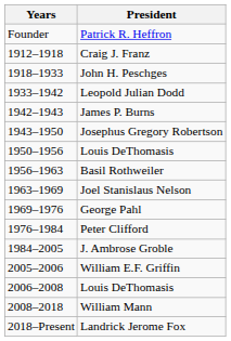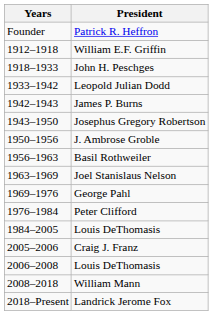 <table class="wikitable">
 <tr>
 <th>Years</th>
 <th>President</th>
 </tr>
 <tr>
 <td>Founder</td>
 <td><a href='#'>Patrick R. Heffron</a></td>
 </tr>
 <tr>
 <td>1912–1918</td>
-<td>Craig J. Franz</td>
+<td>William E.F. Griffin</td>
 </tr>
 <tr>
 <td>1918–1933</td>
 <td>John H. Peschges</td>
 </tr>
 <tr>
 <td>1933–1942</td>
 <td>Leopold Julian Dodd</td>
 </tr>
 <tr>
 <td>1942–1943</td>
 <td>James P. Burns</td>
 </tr>
 <tr>
 <td>1943–1950</td>
 <td>Josephus Gregory Robertson</td>
 </tr>
 <tr>
 <td>1950–1956</td>
-<td>Louis DeThomasis</td>
+<td>J. Ambrose Groble</td>
 </tr>
 <tr>
 <td>1956–1963</td>
 <td>Basil Rothweiler</td>
 </tr>
 <tr>
 <td>1963–1969</td>
 <td>Joel Stanislaus Nelson</td>
 </tr>
 <tr>
 <td>1969–1976</td>
 <td>George Pahl</td>
 </tr>
 <tr>
 <td>1976–1984</td>
 <td>Peter Clifford</td>
 </tr>
 <tr>
 <td>1984–2005</td>
-<td>J. Ambrose Groble</td>
+<td>Louis DeThomasis</td>
 </tr>
 <tr>
 <td>2005–2006</td>
-<td>William E.F. Griffin</td>
+<td>Craig J. Franz</td>
 </tr>
 <tr>
 <td>2006–2008</td>
 <td>Louis DeThomasis</td>
 </tr>
 <tr>
 <td>2008–2018</td>
 <td>William Mann</td>
 </tr>
 <tr>
 <td>2018–Present</td>
 <td>Landrick Jerome Fox</td>
 </tr>
 </table>
